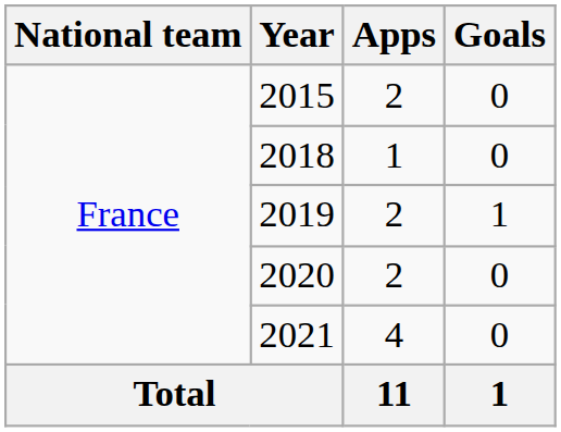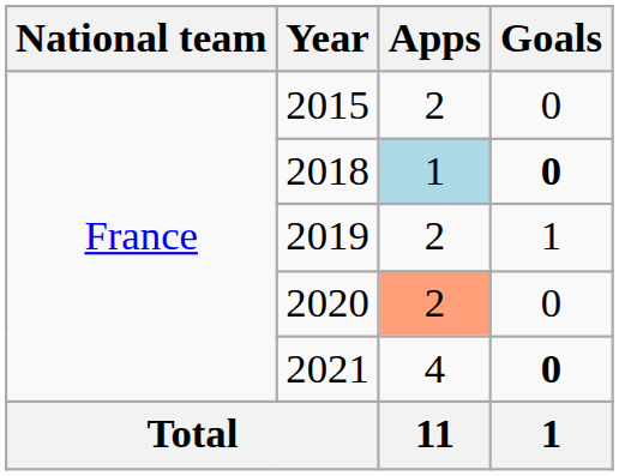 <table class="wikitable" style="text-align:center">
 <tr>
 <th>National team</th>
 <th>Year</th>
 <th>Apps</th>
 <th>Goals</th>
 </tr>
 <tr>
 <td rowspan=5><a href='#'>France</a></td>
 <td>2015</td>
 <td>2</td>
 <td>0</td>
 </tr>
 <tr>
 <td>2018</td>
-<td>1</td>
-<td>0</td>
+<td style="background: lightblue;">1</td>
+<td><strong>0</strong></td>
 </tr>
 <tr>
 <td>2019</td>
 <td>2</td>
 <td>1</td>
 </tr>
 <tr>
 <td>2020</td>
-<td>2</td>
+<td style="background: lightsalmon;">2</td>
 <td>0</td>
 </tr>
 <tr>
 <td>2021</td>
 <td>4</td>
-<td>0</td>
+<td><strong>0</strong></td>
 </tr>
 <tr>
 <th colspan=2>Total</th>
 <th>11</th>
 <th>1</th>
 </tr>
 </table>
